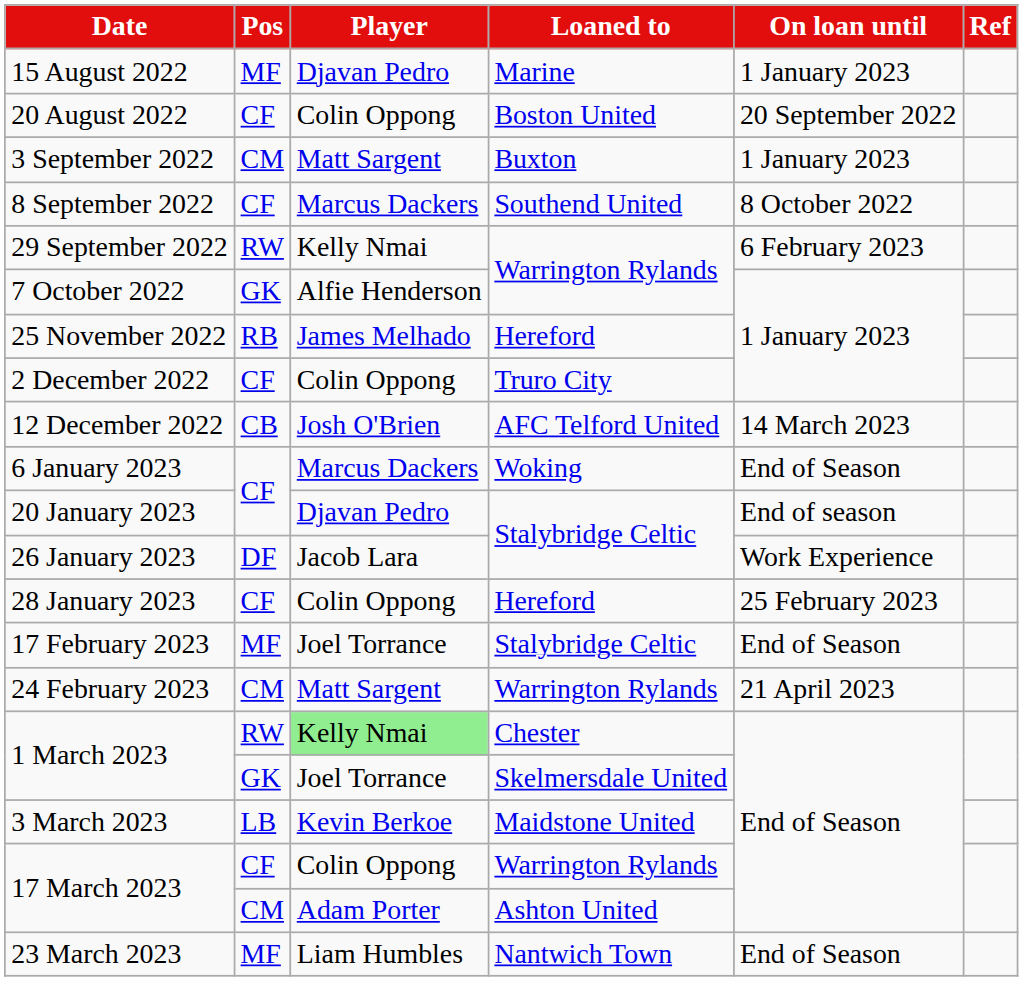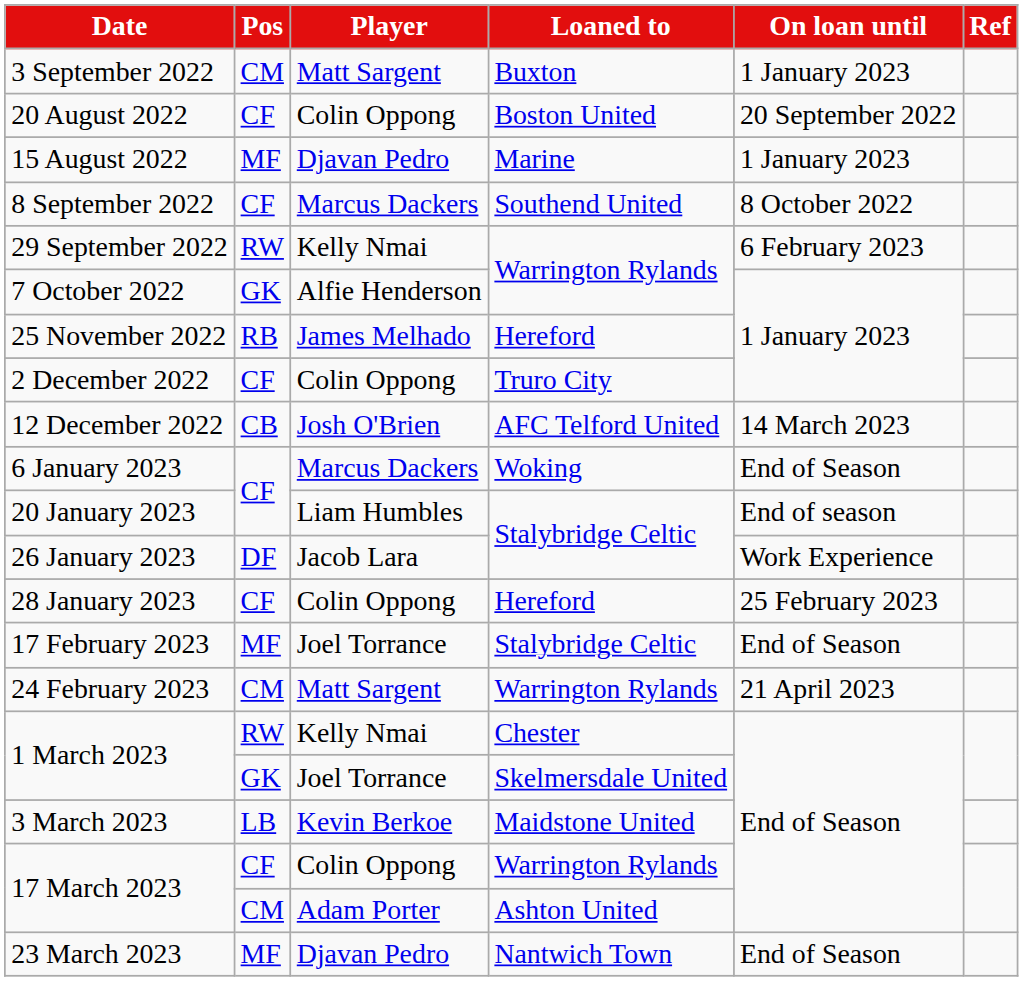 <table class="wikitable plainrowheaders sortable">
 <tr>
 <th style="background:#e20e0e; color:#FFFFFF; ">Date</th>
 <th style="background:#e20e0e; color:#FFFFFF; ">Pos</th>
 <th style="background:#e20e0e; color:#FFFFFF; ">Player</th>
 <th style="background:#e20e0e; color:#FFFFFF; ">Loaned to</th>
 <th style="background:#e20e0e; color:#FFFFFF; ">On loan until</th>
 <th style="background:#e20e0e; color:#FFFFFF; ">Ref</th>
 </tr>
 <tr>
-<td>15 August 2022</td>
-<td><a href='#'>MF</a></td>
-<td> <a href='#'>Djavan Pedro</a></td>
-<td> <a href='#'>Marine</a></td>
+<td>3 September 2022</td>
+<td><a href='#'>CM</a></td>
+<td> <a href='#'>Matt Sargent</a></td>
+<td> <a href='#'>Buxton</a></td>
 <td>1 January 2023</td>
 <td></td>
 </tr>
 <tr>
 <td>20 August 2022</td>
 <td><a href='#'>CF</a></td>
 <td> Colin Oppong</td>
 <td> <a href='#'>Boston United</a></td>
 <td>20 September 2022</td>
 <td></td>
 </tr>
 <tr>
-<td>3 September 2022</td>
-<td><a href='#'>CM</a></td>
-<td> <a href='#'>Matt Sargent</a></td>
-<td> <a href='#'>Buxton</a></td>
+<td>15 August 2022</td>
+<td><a href='#'>MF</a></td>
+<td> <a href='#'>Djavan Pedro</a></td>
+<td> <a href='#'>Marine</a></td>
 <td>1 January 2023</td>
 <td></td>
 </tr>
 <tr>
 <td>8 September 2022</td>
 <td><a href='#'>CF</a></td>
 <td> <a href='#'>Marcus Dackers</a></td>
 <td> <a href='#'>Southend United</a></td>
 <td>8 October 2022</td>
 <td></td>
 </tr>
 <tr>
 <td>29 September 2022</td>
 <td><a href='#'>RW</a></td>
 <td> Kelly Nmai</td>
 <td rowspan="2"> <a href='#'>Warrington Rylands</a></td>
 <td>6 February 2023</td>
 <td></td>
 </tr>
 <tr>
 <td>7 October 2022</td>
 <td><a href='#'>GK</a></td>
 <td> Alfie Henderson</td>
 <td rowspan="3">1 January 2023</td>
 <td></td>
 </tr>
 <tr>
 <td>25 November 2022</td>
 <td><a href='#'>RB</a></td>
 <td> <a href='#'>James Melhado</a></td>
 <td> <a href='#'>Hereford</a></td>
 <td></td>
 </tr>
 <tr>
 <td>2 December 2022</td>
 <td><a href='#'>CF</a></td>
 <td> Colin Oppong</td>
 <td> <a href='#'>Truro City</a></td>
 <td></td>
 </tr>
 <tr>
 <td>12 December 2022</td>
 <td><a href='#'>CB</a></td>
 <td> <a href='#'>Josh O'Brien</a></td>
 <td> <a href='#'>AFC Telford United</a></td>
 <td>14 March 2023</td>
 <td></td>
 </tr>
 <tr>
 <td>6 January 2023</td>
 <td rowspan="2"><a href='#'>CF</a></td>
 <td> <a href='#'>Marcus Dackers</a></td>
 <td> <a href='#'>Woking</a></td>
 <td>End of Season</td>
 <td></td>
 </tr>
 <tr>
 <td>20 January 2023</td>
-<td> <a href='#'>Djavan Pedro</a></td>
+<td> Liam Humbles</td>
 <td rowspan="2"> <a href='#'>Stalybridge Celtic</a></td>
 <td>End of season</td>
 <td></td>
 </tr>
 <tr>
 <td>26 January 2023</td>
 <td><a href='#'>DF</a></td>
 <td> Jacob Lara</td>
 <td>Work Experience</td>
 <td></td>
 </tr>
 <tr>
 <td>28 January 2023</td>
 <td><a href='#'>CF</a></td>
 <td> Colin Oppong</td>
 <td> <a href='#'>Hereford</a></td>
 <td>25 February 2023</td>
 <td></td>
 </tr>
 <tr>
 <td>17 February 2023</td>
 <td><a href='#'>MF</a></td>
 <td> Joel Torrance</td>
 <td> <a href='#'>Stalybridge Celtic</a></td>
 <td>End of Season</td>
 <td></td>
 </tr>
 <tr>
 <td>24 February 2023</td>
 <td><a href='#'>CM</a></td>
 <td> <a href='#'>Matt Sargent</a></td>
 <td> <a href='#'>Warrington Rylands</a></td>
 <td>21 April 2023</td>
 <td></td>
 </tr>
 <tr>
 <td rowspan="2">1 March 2023</td>
 <td><a href='#'>RW</a></td>
-<td style="background: lightgreen;"> Kelly Nmai</td>
+<td> Kelly Nmai</td>
 <td> <a href='#'>Chester</a></td>
 <td rowspan="5">End of Season</td>
 <td rowspan="2"></td>
 </tr>
 <tr>
 <td><a href='#'>GK</a></td>
 <td> Joel Torrance</td>
 <td> <a href='#'>Skelmersdale United</a></td>
 </tr>
 <tr>
 <td>3 March 2023</td>
 <td><a href='#'>LB</a></td>
 <td> <a href='#'>Kevin Berkoe</a></td>
 <td> <a href='#'>Maidstone United</a></td>
 <td></td>
 </tr>
 <tr>
 <td rowspan="2">17 March 2023</td>
 <td><a href='#'>CF</a></td>
 <td> Colin Oppong</td>
 <td> <a href='#'>Warrington Rylands</a></td>
 <td rowspan="2"></td>
 </tr>
 <tr>
 <td><a href='#'>CM</a></td>
 <td> <a href='#'>Adam Porter</a></td>
 <td> <a href='#'>Ashton United</a></td>
 </tr>
 <tr>
 <td>23 March 2023</td>
 <td><a href='#'>MF</a></td>
-<td> Liam Humbles</td>
+<td> <a href='#'>Djavan Pedro</a></td>
 <td> <a href='#'>Nantwich Town</a></td>
 <td>End of Season</td>
 <td></td>
 </tr>
 </table>
